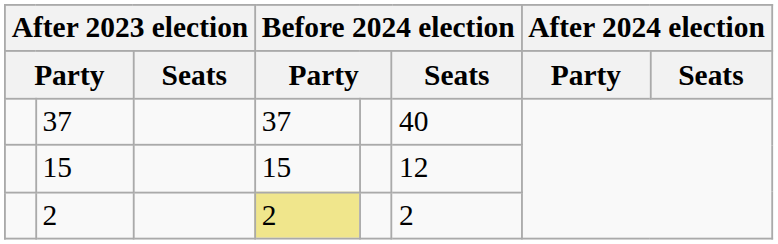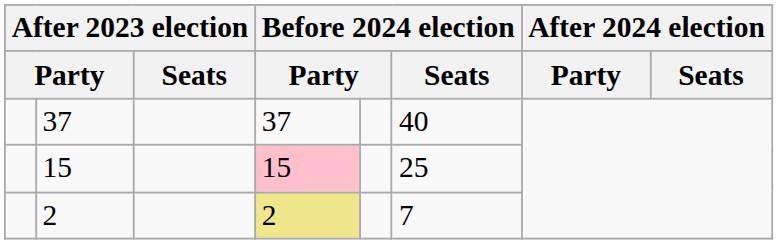 <table class="wikitable">
 <tr>
 <th colspan="3">After 2023 election</th>
 <th colspan="3">Before 2024 election</th>
 <th colspan="3">After 2024 election</th>
 </tr>
 <tr>
 <th colspan="2">Party</th>
 <th>Seats</th>
 <th colspan="2">Party</th>
 <th>Seats</th>
 <th colspan="2">Party</th>
 <th>Seats</th>
 </tr>
 <tr>
 <td></td>
 <td>37</td>
 <td></td>
 <td>37</td>
 <td></td>
 <td>40</td>
 </tr>
 <tr>
 <td></td>
 <td>15</td>
 <td></td>
-<td>15</td>
+<td style="background: pink;">15</td>
 <td></td>
-<td>12</td>
+<td>25</td>
 </tr>
 <tr>
 <td></td>
 <td>2</td>
 <td></td>
 <td style="background: khaki;">2</td>
 <td></td>
-<td>2</td>
+<td>7</td>
 </tr>
 </table>
